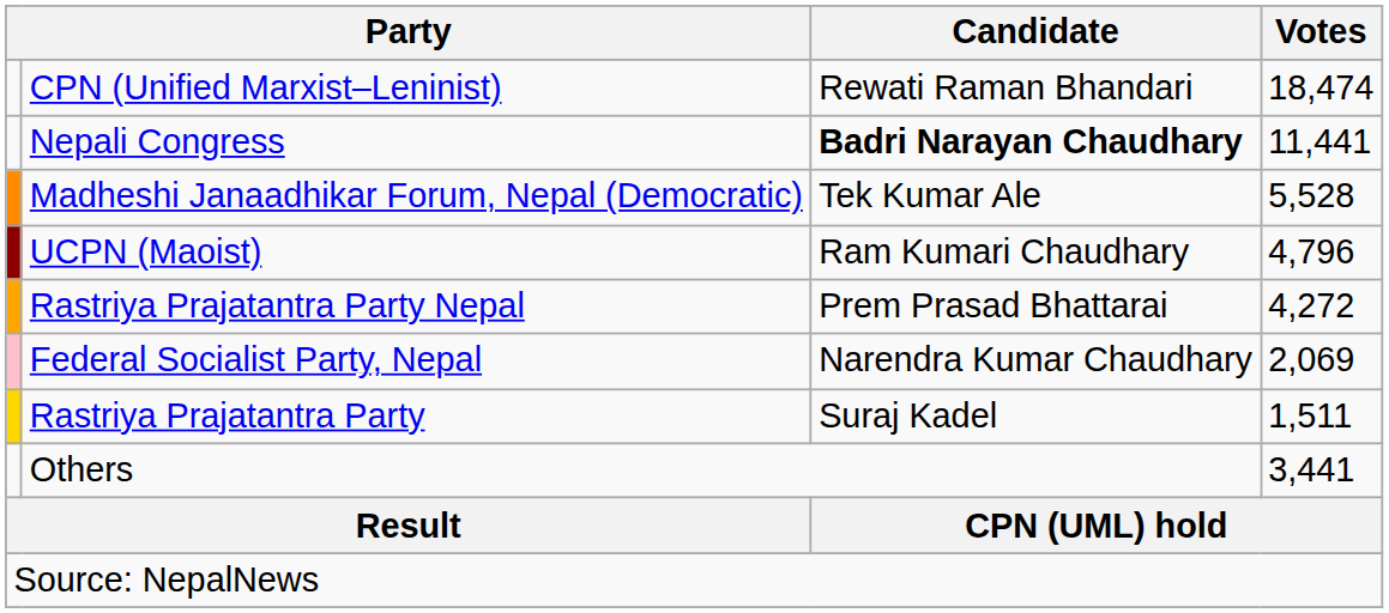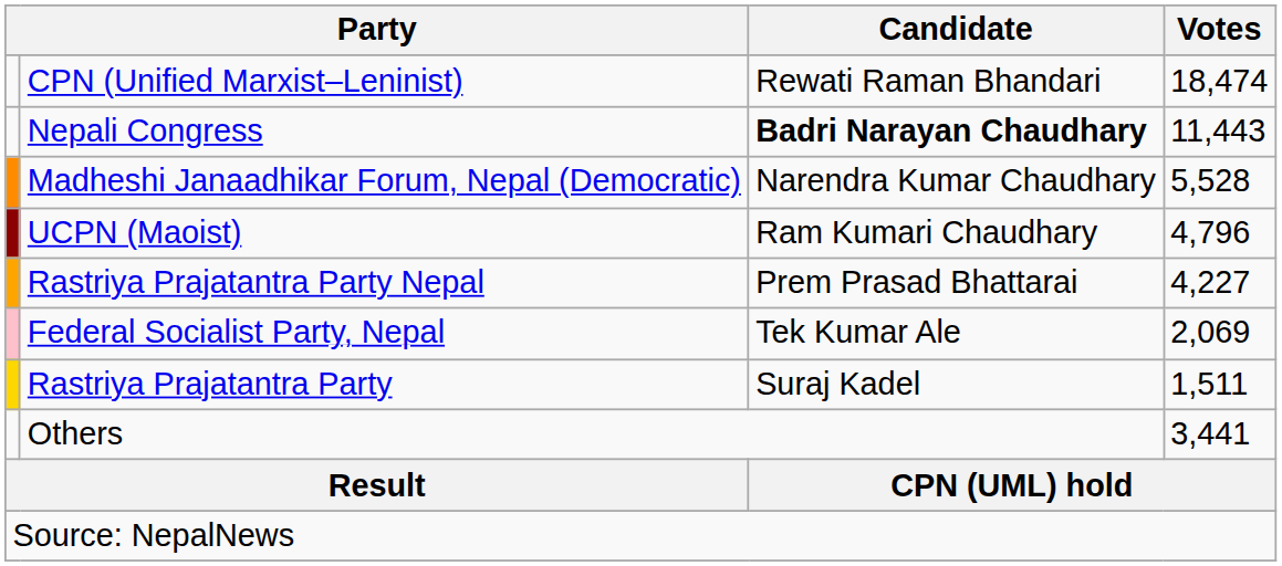 <table class="wikitable">
 <tr>
 <th colspan="2">Party</th>
 <th>Candidate</th>
 <th>Votes</th>
 </tr>
 <tr>
 <td style="background-color:"></td>
 <td><a href='#'>CPN (Unified Marxist–Leninist)</a></td>
 <td>Rewati Raman Bhandari</td>
 <td>18,474</td>
 </tr>
 <tr>
 <td style="background-color:"></td>
 <td><a href='#'>Nepali Congress</a></td>
 <td><strong>Badri Narayan Chaudhary</strong></td>
-<td>11,441</td>
+<td>11,443</td>
 </tr>
 <tr>
 <td style="background-color:darkorange"></td>
 <td><a href='#'>Madheshi Janaadhikar Forum, Nepal (Democratic)</a></td>
-<td>Tek Kumar Ale</td>
+<td>Narendra Kumar Chaudhary</td>
 <td>5,528</td>
 </tr>
 <tr>
 <td style="background-color:darkred"></td>
 <td><a href='#'>UCPN (Maoist)</a></td>
 <td>Ram Kumari Chaudhary</td>
 <td>4,796</td>
 </tr>
 <tr>
 <td style="background-color:orange"></td>
 <td><a href='#'>Rastriya Prajatantra Party Nepal</a></td>
 <td>Prem Prasad Bhattarai</td>
-<td>4,272</td>
+<td>4,227</td>
 </tr>
 <tr>
 <td style="background-color:pink"></td>
 <td><a href='#'>Federal Socialist Party, Nepal</a></td>
-<td>Narendra Kumar Chaudhary</td>
+<td>Tek Kumar Ale</td>
 <td>2,069</td>
 </tr>
 <tr>
 <td style="background-color:gold"></td>
 <td><a href='#'>Rastriya Prajatantra Party</a></td>
 <td>Suraj Kadel</td>
 <td>1,511</td>
 </tr>
 <tr>
 <td></td>
 <td colspan="2">Others</td>
 <td>3,441</td>
 </tr>
 <tr>
 <th colspan="2">Result</th>
 <th colspan="2">CPN (UML) hold</th>
 </tr>
 <tr>
 <td colspan="4">Source: NepalNews</td>
 </tr>
 </table>
